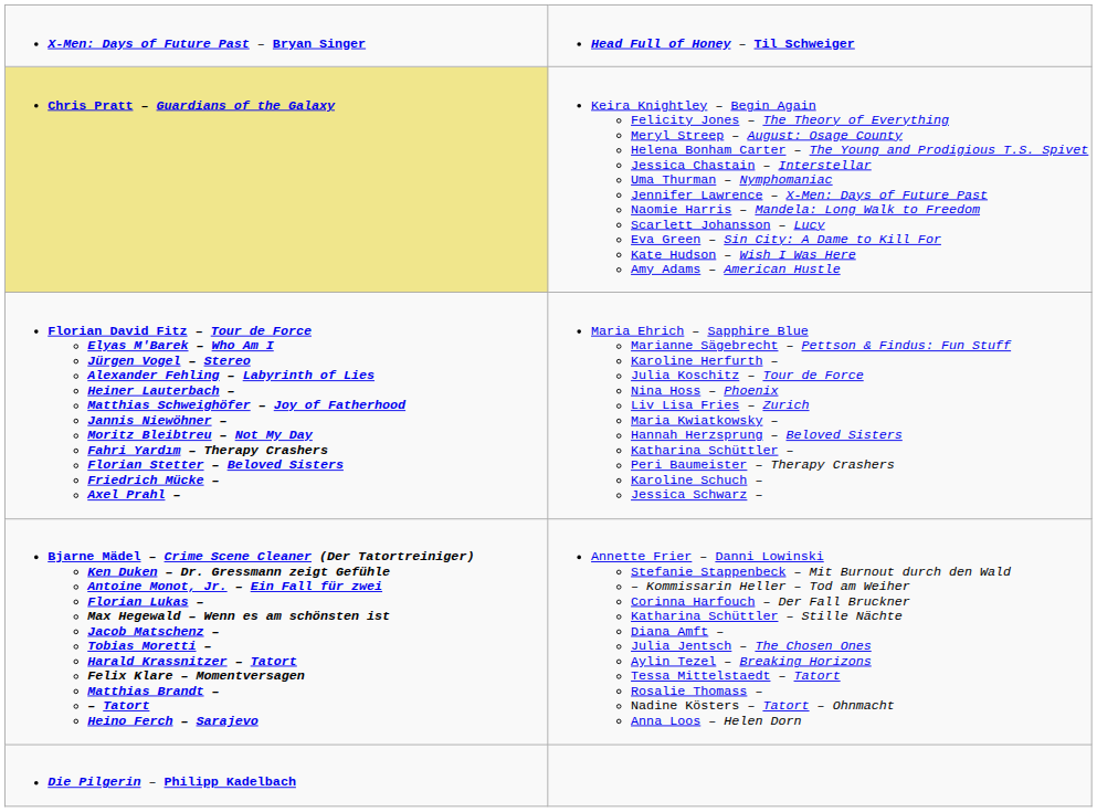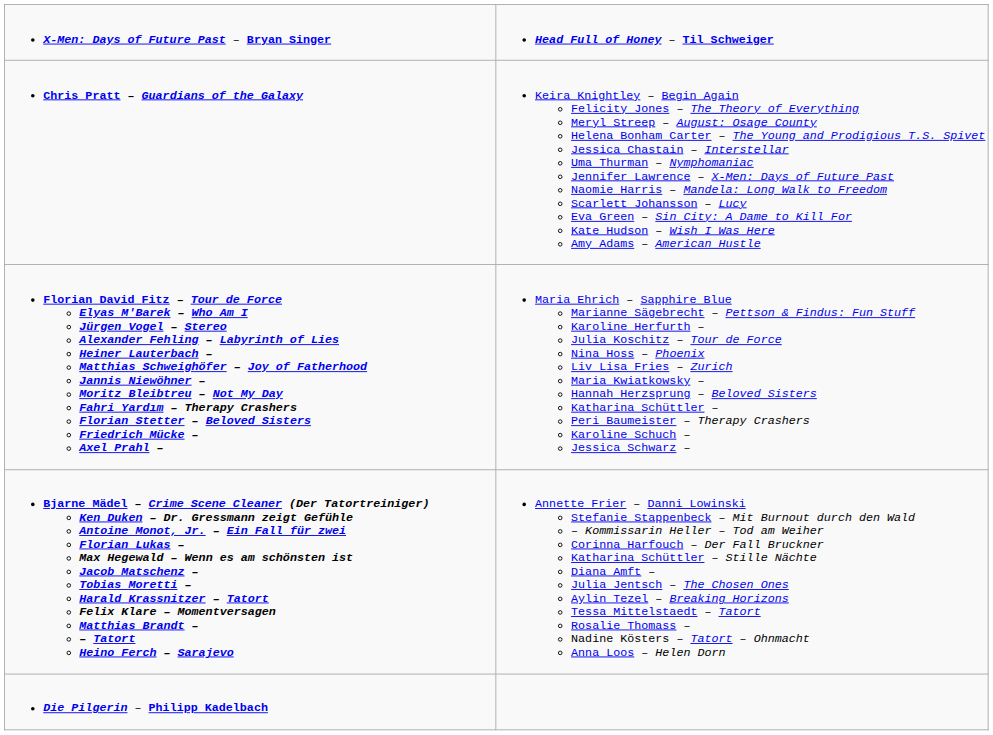 <table class=wikitable>
 <tr>
 <td valign="top" width="50%"><br><ul><li><strong><em><a href='#'>X-Men: Days of Future Past</a></em></strong> – <strong><a href='#'>Bryan Singer</a></strong></li></ul></td>
 <td valign="top" width="50%"><br><ul><li><strong><em><a href='#'>Head Full of Honey</a></em></strong> – <strong><a href='#'>Til Schweiger</a></strong></li></ul></td>
 </tr>
 <tr>
-<td valign="top" width="50%" style="background: khaki;"><br><ul><li><strong><a href='#'>Chris Pratt</a> – <em><a href='#'>Guardians of the Galaxy</a><strong><em></li></ul></td>
+<td valign="top" width="50%"><br><ul><li><strong><a href='#'>Chris Pratt</a> – <em><a href='#'>Guardians of the Galaxy</a><strong><em></li></ul></td>
 <td valign="top" width="50%"><br><ul><li></strong><a href='#'>Keira Knightley</a> – </em><a href='#'>Begin Again</a></em></strong><ul><li><a href='#'>Felicity Jones</a> – <em><a href='#'>The Theory of Everything</a></em></li><li><a href='#'>Meryl Streep</a> – <em><a href='#'>August: Osage County</a></em></li><li><a href='#'>Helena Bonham Carter</a> – <em><a href='#'>The Young and Prodigious T.S. Spivet</a></em></li><li><a href='#'>Jessica Chastain</a> – <em><a href='#'>Interstellar</a></em></li><li><a href='#'>Uma Thurman</a> – <em><a href='#'>Nymphomaniac</a></em></li><li><a href='#'>Jennifer Lawrence</a> – <em><a href='#'>X-Men: Days of Future Past</a></em></li><li><a href='#'>Naomie Harris</a> – <em><a href='#'>Mandela: Long Walk to Freedom</a></em></li><li><a href='#'>Scarlett Johansson</a> – <em><a href='#'>Lucy</a></em></li><li><a href='#'>Eva Green</a> – <em><a href='#'>Sin City: A Dame to Kill For</a></em></li><li><a href='#'>Kate Hudson</a> – <em><a href='#'>Wish I Was Here</a></em></li><li><a href='#'>Amy Adams</a> – <em><a href='#'>American Hustle</a></em></li></ul></li></ul></td>
 </tr>
 <tr>
 <td valign="top" width="50%"><br><ul><li><strong><a href='#'>Florian David Fitz</a> – <em><a href='#'>Tour de Force</a><strong><em><ul><li><a href='#'>Elyas M'Barek</a> – </em><a href='#'>Who Am I</a><em></li><li><a href='#'>Jürgen Vogel</a> – </em><a href='#'>Stereo</a><em></li><li><a href='#'>Alexander Fehling</a> – </em><a href='#'>Labyrinth of Lies</a><em></li><li><a href='#'>Heiner Lauterbach</a> – </em><em></li><li><a href='#'>Matthias Schweighöfer</a> – </em><a href='#'>Joy of Fatherhood</a><em></li><li><a href='#'>Jannis Niewöhner</a> – </em><em></li><li><a href='#'>Moritz Bleibtreu</a> – </em><a href='#'>Not My Day</a><em></li><li><a href='#'>Fahri Yardım</a> – </em>Therapy Crashers<em></li><li><a href='#'>Florian Stetter</a> – </em><a href='#'>Beloved Sisters</a><em></li><li><a href='#'>Friedrich Mücke</a> – </em><em></li><li><a href='#'>Axel Prahl</a> – </em><em></li></ul></li></ul></td>
 <td valign="top" width="50%"><br><ul><li></strong><a href='#'>Maria Ehrich</a> – </em><a href='#'>Sapphire Blue</a></em></strong><ul><li><a href='#'>Marianne Sägebrecht</a> – <em><a href='#'>Pettson & Findus: Fun Stuff</a></em></li><li><a href='#'>Karoline Herfurth</a> – <em></em></li><li><a href='#'>Julia Koschitz</a> – <em><a href='#'>Tour de Force</a></em></li><li><a href='#'>Nina Hoss</a> – <em><a href='#'>Phoenix</a></em></li><li><a href='#'>Liv Lisa Fries</a> – <em><a href='#'>Zurich</a></em></li><li><a href='#'>Maria Kwiatkowsky</a> – <em></em></li><li><a href='#'>Hannah Herzsprung</a> – <em><a href='#'>Beloved Sisters</a></em></li><li><a href='#'>Katharina Schüttler</a> – <em></em></li><li><a href='#'>Peri Baumeister</a> – <em>Therapy Crashers</em></li><li><a href='#'>Karoline Schuch</a> – <em></em></li><li><a href='#'>Jessica Schwarz</a> – <em></em></li></ul></li></ul></td>
 </tr>
 <tr>
 <td valign="top" width="50%"><br><ul><li><strong><a href='#'>Bjarne Mädel</a> – <em><a href='#'>Crime Scene Cleaner</a><strong><em> (</em>Der Tatortreiniger<em>)<ul><li><a href='#'>Ken Duken</a> – </em>Dr. Gressmann zeigt Gefühle<em></li><li><a href='#'>Antoine Monot, Jr.</a> – </em><a href='#'>Ein Fall für zwei</a><em></li><li><a href='#'>Florian Lukas</a> – </em><em></li><li>Max Hegewald – </em>Wenn es am schönsten ist<em></li><li><a href='#'>Jacob Matschenz</a> – </em><em></li><li><a href='#'>Tobias Moretti</a> – </em><em></li><li><a href='#'>Harald Krassnitzer</a> – </em><a href='#'>Tatort</a><em></li><li>Felix Klare – </em>Momentversagen<em></li><li><a href='#'>Matthias Brandt</a> – </em><em></li><li> – </em><a href='#'>Tatort</a><em></li><li><a href='#'>Heino Ferch</a> – </em><a href='#'>Sarajevo</a><em></li></ul></li></ul></td>
 <td valign="top" width="50%"><br><ul><li></strong><a href='#'>Annette Frier</a> – </em><a href='#'>Danni Lowinski</a></em></strong><ul><li><a href='#'>Stefanie Stappenbeck</a> – <em>Mit Burnout durch den Wald</em></li><li> – <em>Kommissarin Heller – Tod am Weiher</em></li><li><a href='#'>Corinna Harfouch</a> – <em>Der Fall Bruckner</em></li><li><a href='#'>Katharina Schüttler</a> – <em>Stille Nächte</em></li><li><a href='#'>Diana Amft</a> – <em></em></li><li><a href='#'>Julia Jentsch</a> – <em><a href='#'>The Chosen Ones</a></em></li><li><a href='#'>Aylin Tezel</a> – <em><a href='#'>Breaking Horizons</a></em></li><li><a href='#'>Tessa Mittelstaedt</a> – <em><a href='#'>Tatort</a></em></li><li><a href='#'>Rosalie Thomass</a> – <em></em></li><li>Nadine Kösters – <em><a href='#'>Tatort</a> – Ohnmacht</em></li><li><a href='#'>Anna Loos</a> – <em>Helen Dorn</em></li></ul></li></ul></td>
 </tr>
 <tr>
 <td valign="top" width="50%"><br><ul><li><strong><em><a href='#'>Die Pilgerin</a></em></strong> – <strong><a href='#'>Philipp Kadelbach</a></strong></li></ul></td>
 </tr>
 </table>
